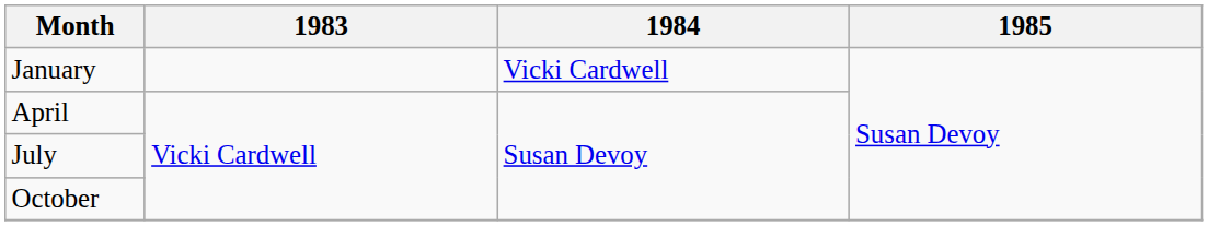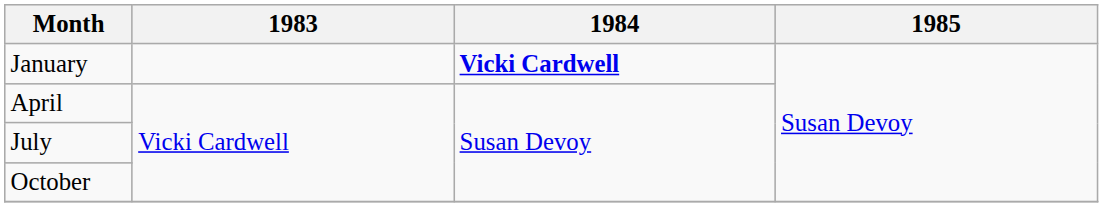 <table class=wikitable>
 <tr>
 <th width="75">Month</th>
 <th width="200px">1983</th>
 <th width="200px">1984</th>
 <th width="200px">1985</th>
 </tr>
 <tr>
 <td>January</td>
 <td><strong> </strong></td>
-<td> <a href='#'>Vicki Cardwell</a></td>
+<td><strong> <a href='#'>Vicki Cardwell</a></strong></td>
 <td align=left rowspan=4> <a href='#'>Susan Devoy</a></td>
 </tr>
 <tr>
 <td>April</td>
 <td align=left rowspan=3> <a href='#'>Vicki Cardwell</a></td>
 <td align=left rowspan=3> <a href='#'>Susan Devoy</a></td>
 </tr>
 <tr>
 <td>July</td>
 </tr>
 <tr>
 <td>October</td>
 </tr>
 <tr>
 </tr>
 </table>
